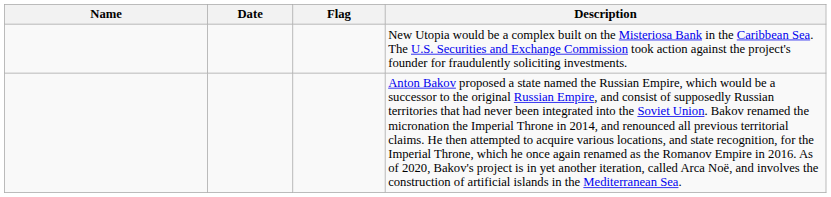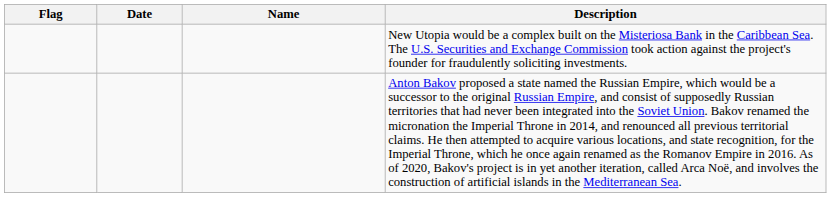 <table class="wikitable">
 <tr>
+<th style="width:110px;">Flag</th>
+<th style="width:100px;">Date</th>
 <th style="width:250px;">Name</th>
-<th style="width:100px;">Date</th>
-<th style="width:110px;">Flag</th>
 <th style="width:550px;">Description</th>
 </tr>
 <tr>
 <td></td>
 <td></td>
 <td></td>
 <td>New Utopia would be a complex built on the <a href='#'>Misteriosa Bank</a> in the <a href='#'>Caribbean Sea</a>. The <a href='#'>U.S. Securities and Exchange Commission</a> took action against the project's founder for fraudulently soliciting investments.</td>
 </tr>
 <tr>
 <td></td>
 <td></td>
 <td></td>
 <td><a href='#'>Anton Bakov</a> proposed a state named the Russian Empire, which would be a successor to the original <a href='#'>Russian Empire</a>, and consist of supposedly Russian territories that had never been integrated into the <a href='#'>Soviet Union</a>. Bakov renamed the micronation the Imperial Throne in 2014, and renounced all previous territorial claims. He then attempted to acquire various locations, and state recognition, for the Imperial Throne, which he once again renamed as the Romanov Empire in 2016. As of 2020, Bakov's project is in yet another iteration, called Arca Noë, and involves the construction of artificial islands in the <a href='#'>Mediterranean Sea</a>.</td>
 </tr>
 </table>
